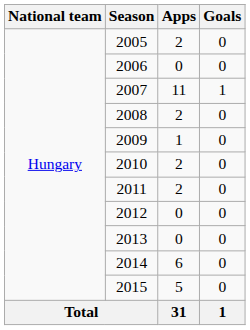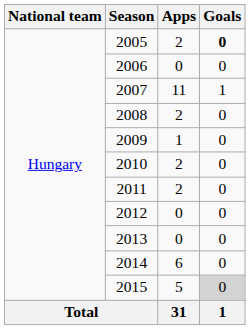 <table class="wikitable" style="text-align: center;">
 <tr>
 <th>National team</th>
 <th>Season</th>
 <th>Apps</th>
 <th>Goals</th>
 </tr>
 <tr>
 <td rowspan="11" valign="center"><a href='#'>Hungary</a></td>
 <td>2005</td>
 <td>2</td>
-<td>0</td>
+<td><strong>0</strong></td>
 </tr>
 <tr>
 <td>2006</td>
 <td>0</td>
 <td>0</td>
 </tr>
 <tr>
 <td>2007</td>
 <td>11</td>
 <td>1</td>
 </tr>
 <tr>
 <td>2008</td>
 <td>2</td>
 <td>0</td>
 </tr>
 <tr>
 <td>2009</td>
 <td>1</td>
 <td>0</td>
 </tr>
 <tr>
 <td>2010</td>
 <td>2</td>
 <td>0</td>
 </tr>
 <tr>
 <td>2011</td>
 <td>2</td>
 <td>0</td>
 </tr>
 <tr>
 <td>2012</td>
 <td>0</td>
 <td>0</td>
 </tr>
 <tr>
 <td>2013</td>
 <td>0</td>
 <td>0</td>
 </tr>
 <tr>
 <td>2014</td>
 <td>6</td>
 <td>0</td>
 </tr>
 <tr>
 <td>2015</td>
 <td>5</td>
-<td>0</td>
+<td style="background: lightgrey;">0</td>
 </tr>
 <tr>
 <th colspan="2">Total</th>
 <th>31</th>
 <th>1</th>
 </tr>
 </table>
